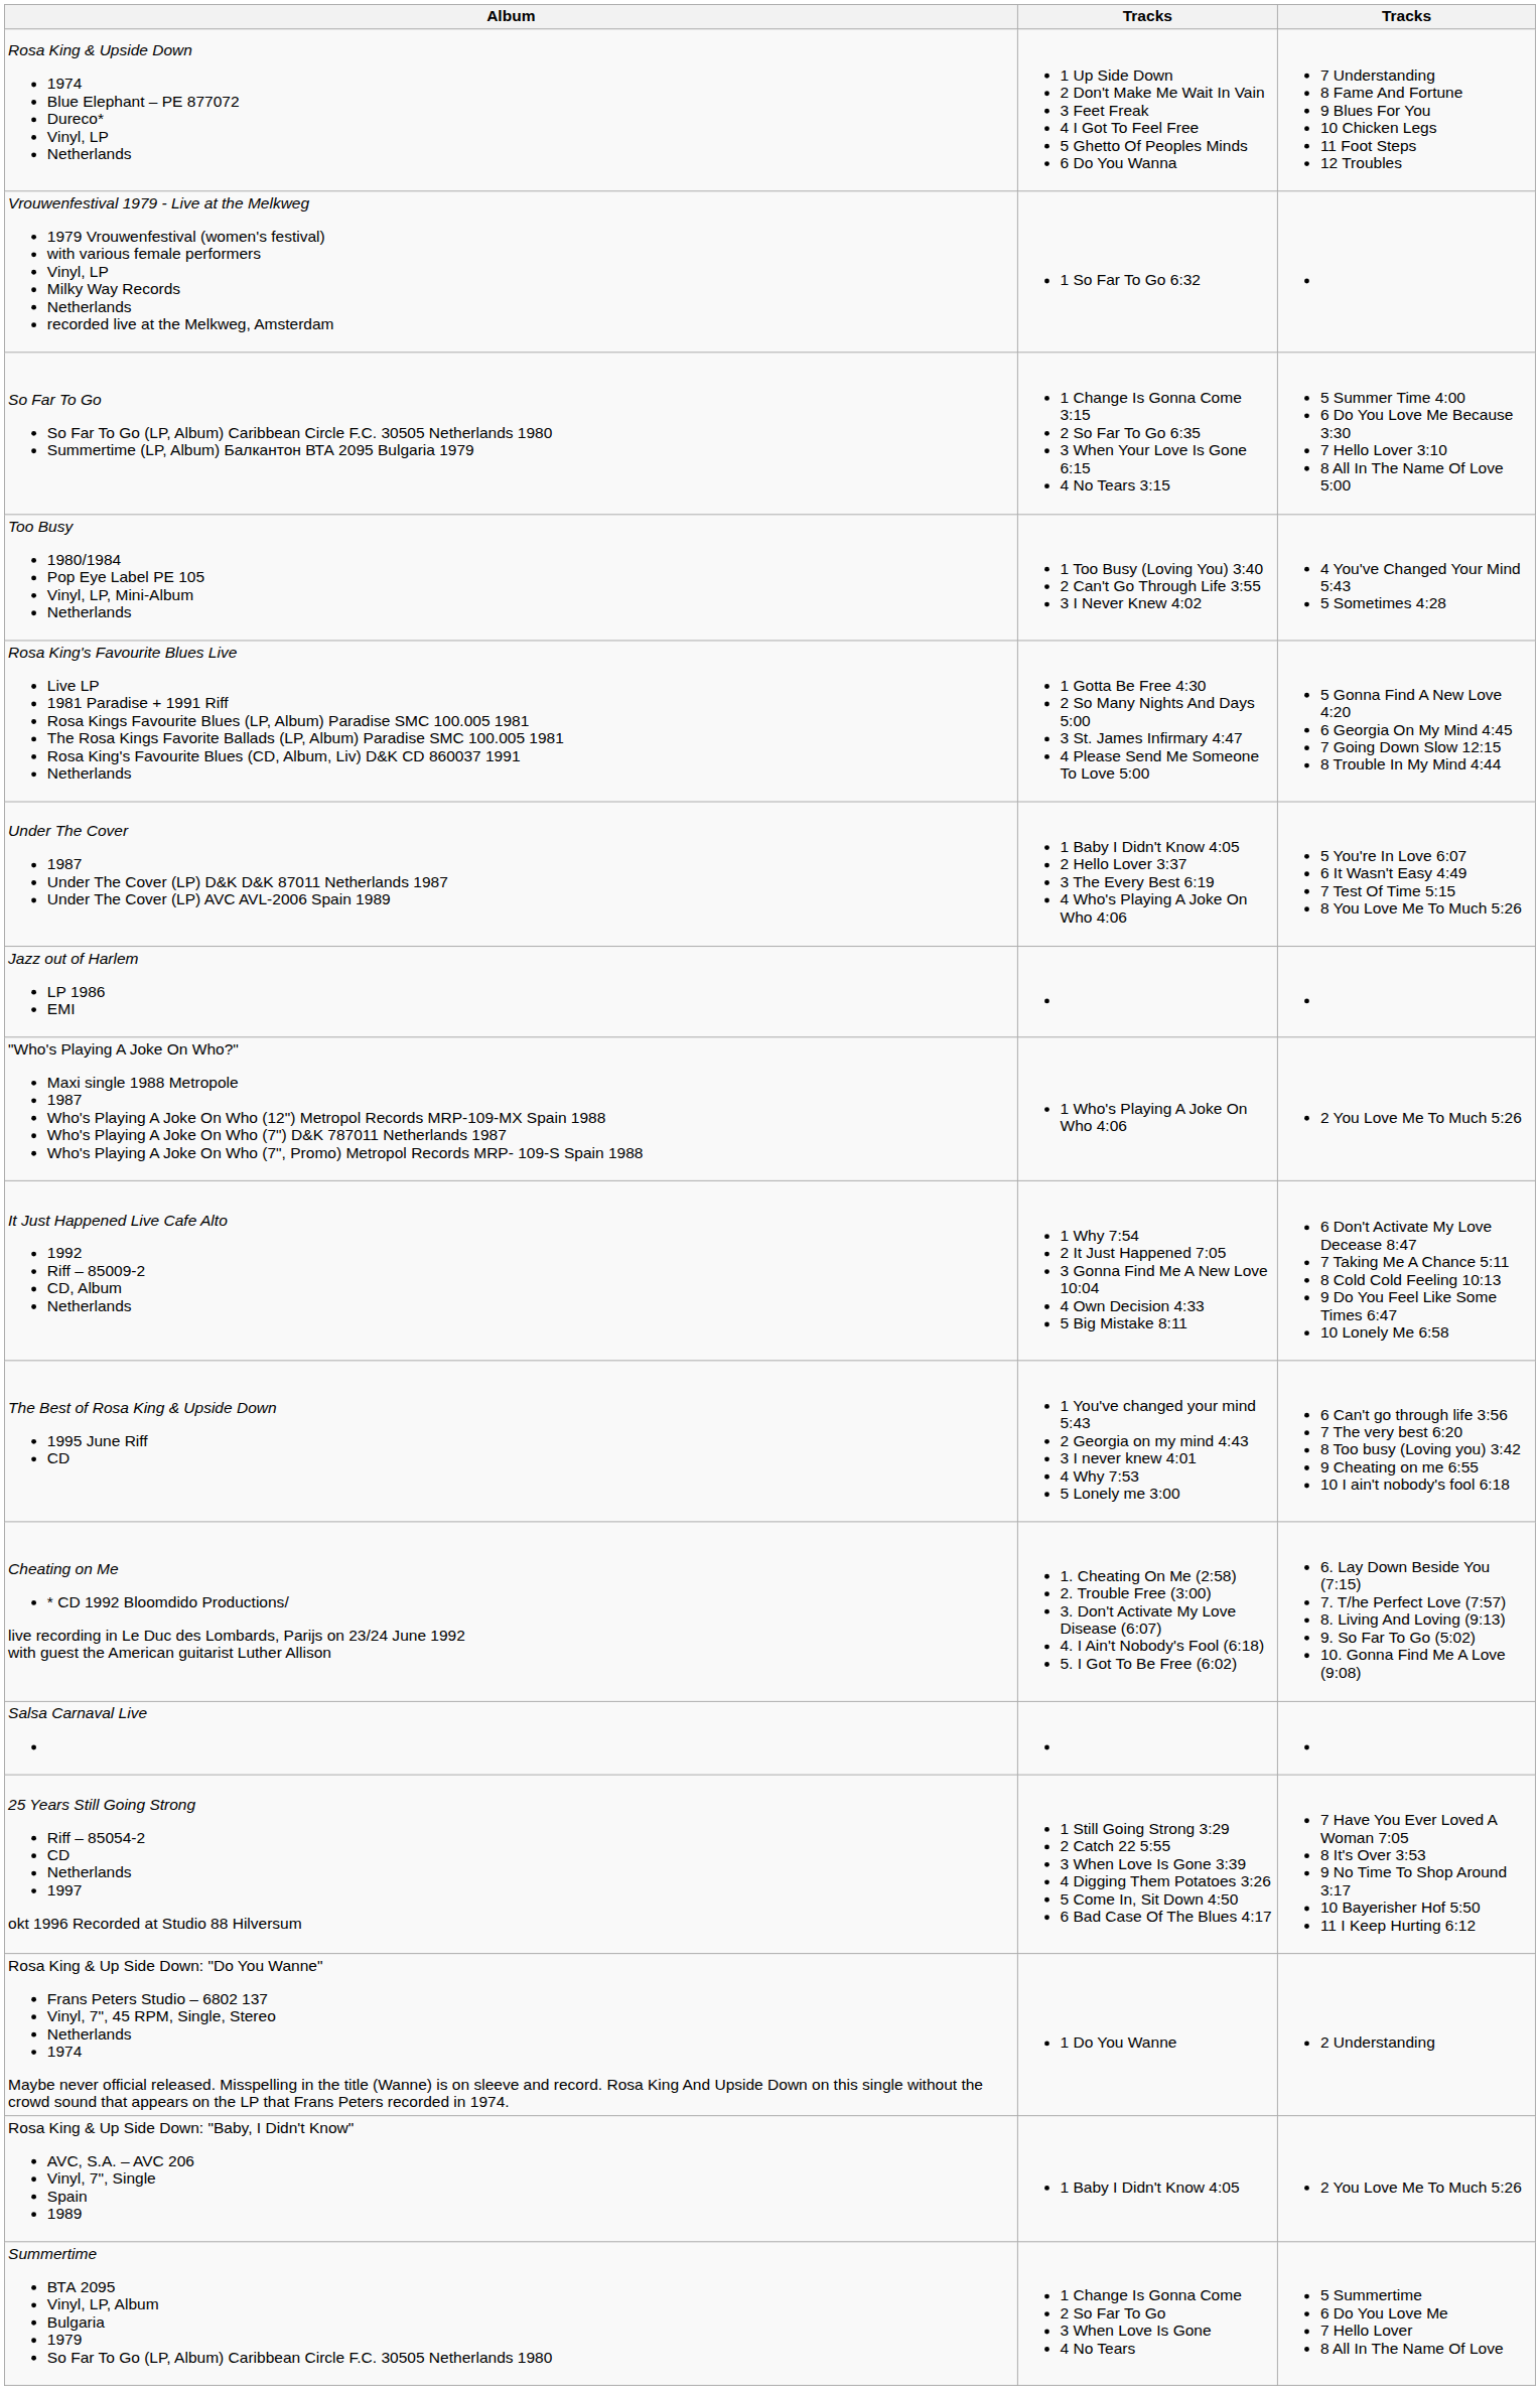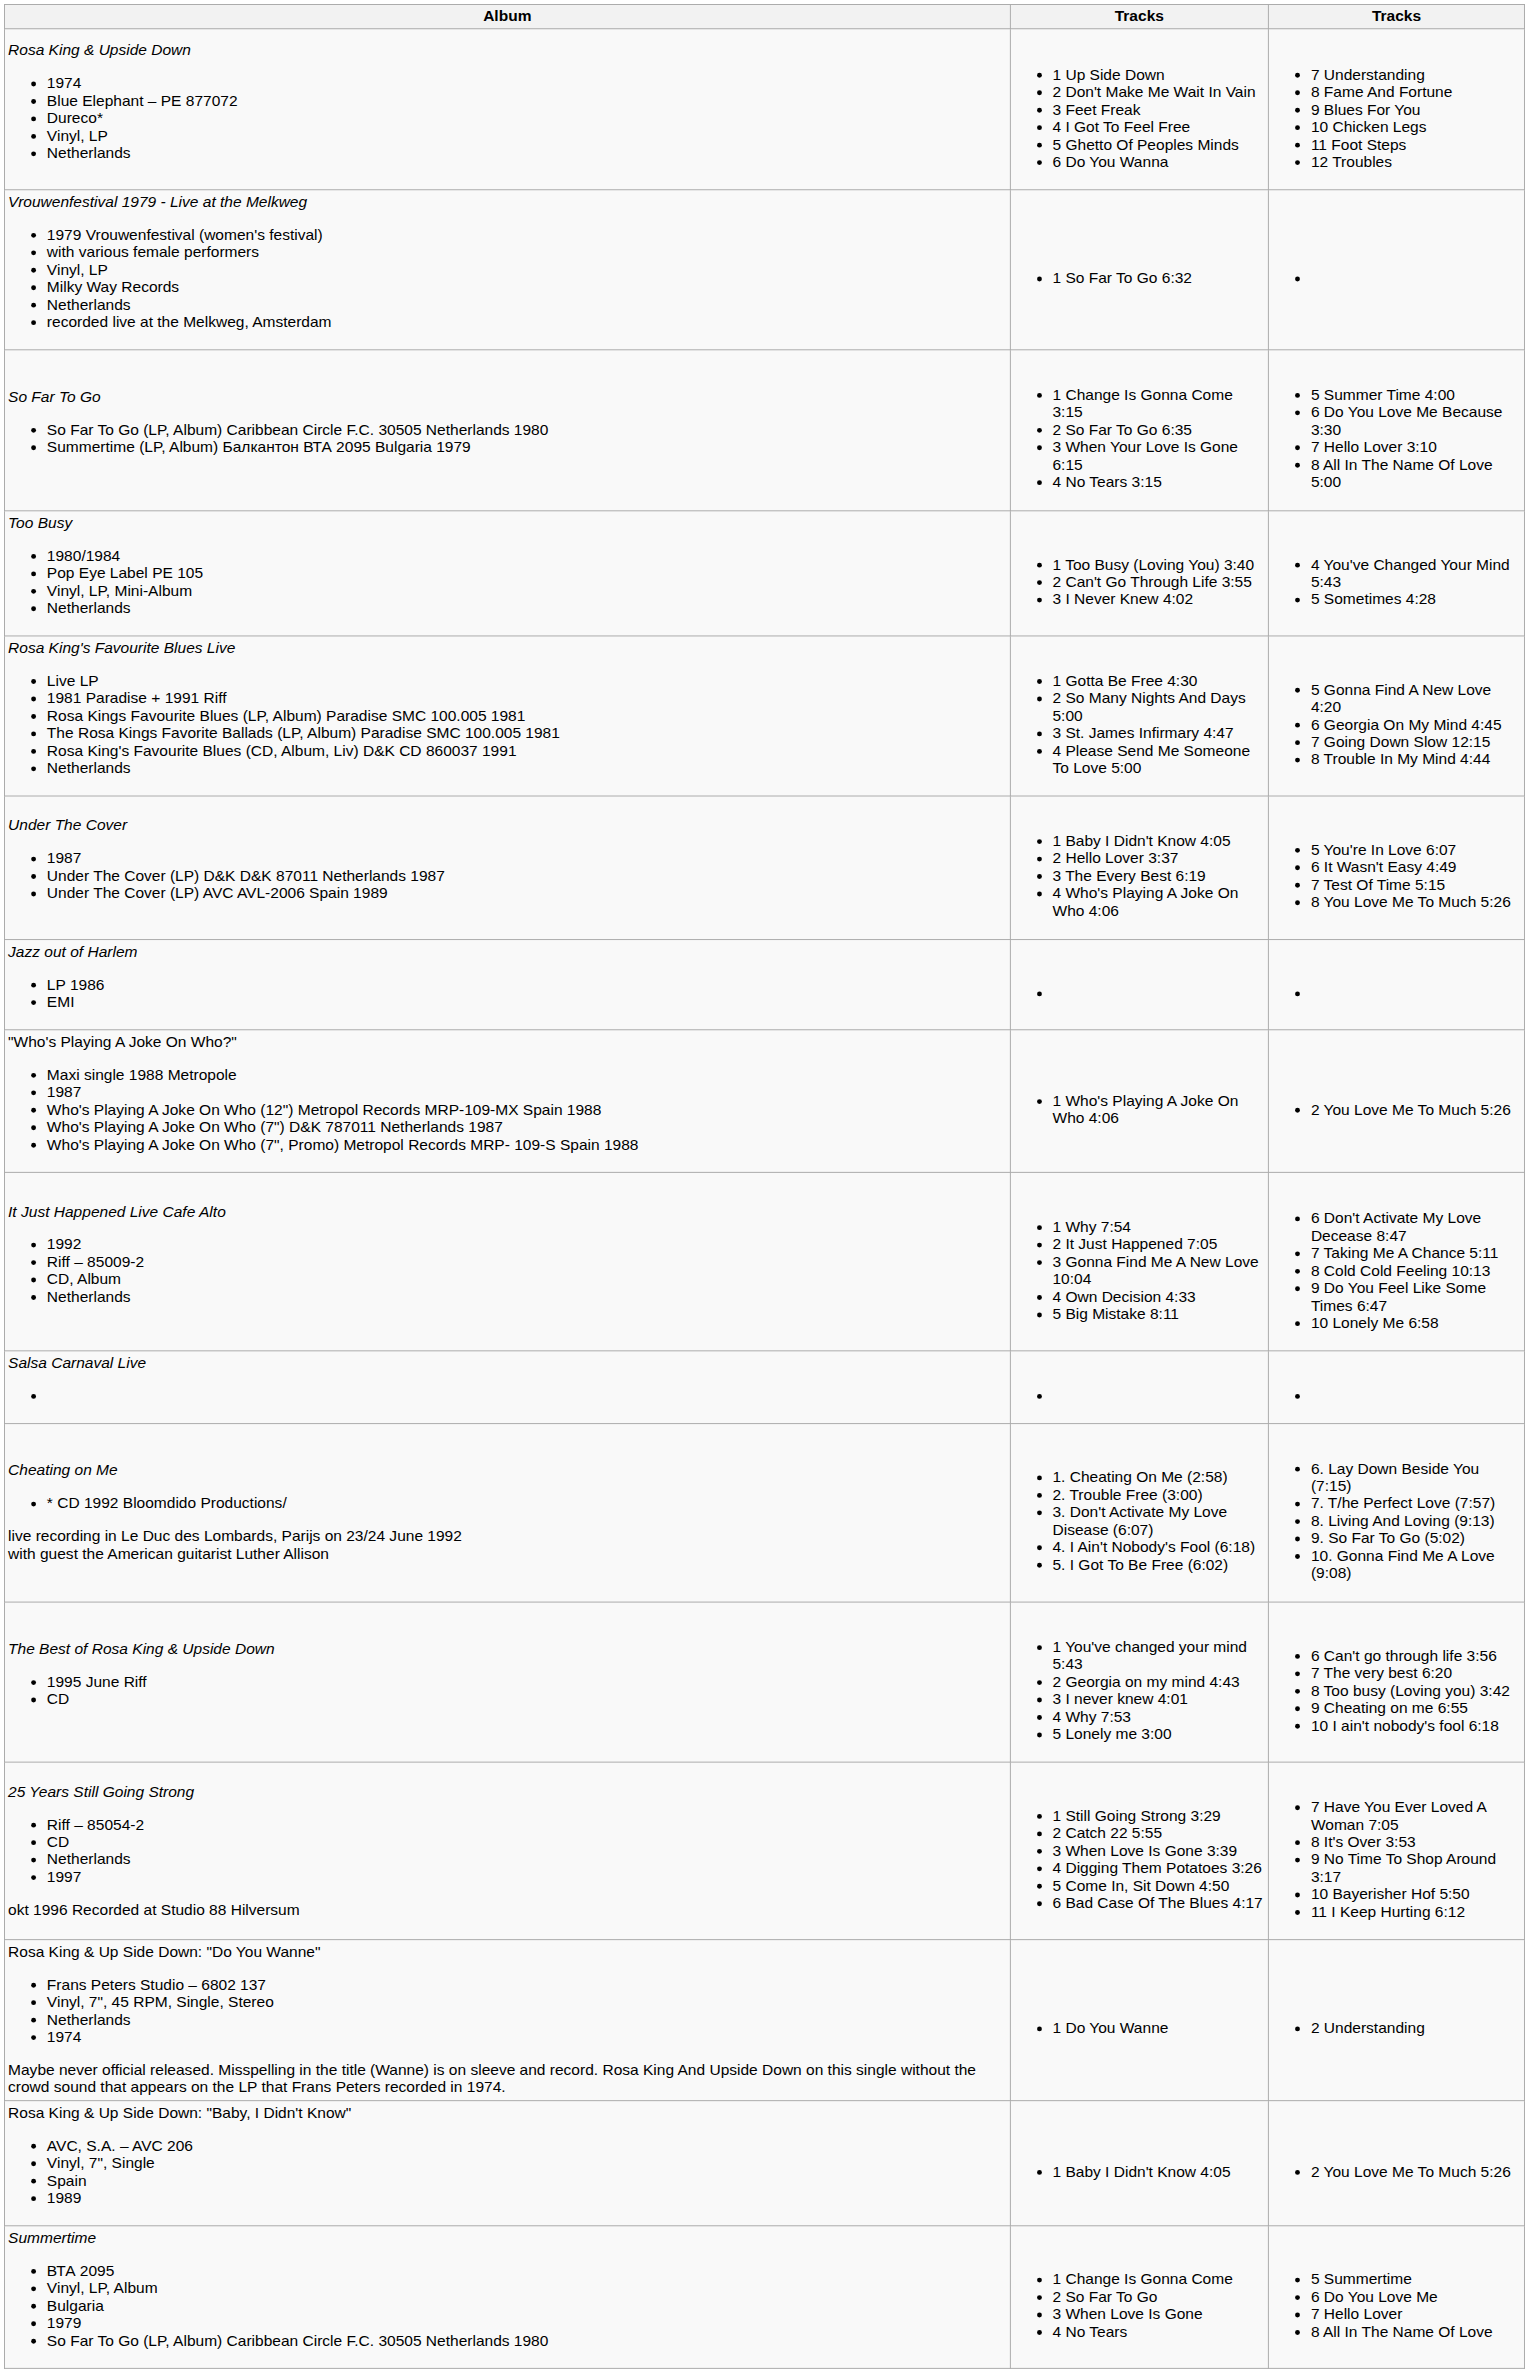 <table class="wikitable">
 <tr>
 <th scope="col">Album</th>
 <th scope="col">Tracks</th>
 <th scope="col">Tracks</th>
 </tr>
 <tr>
 <td><em>Rosa King & Upside Down</em><br><ul><li>1974</li><li>Blue Elephant – PE 877072</li><li>Dureco*</li><li>Vinyl, LP</li><li>Netherlands</li></ul></td>
 <td><br><ul><li>1	Up Side Down</li><li>2	Don't Make Me Wait In Vain</li><li>3	Feet Freak</li><li>4	I Got To Feel Free</li><li>5	Ghetto Of Peoples Minds</li><li>6	Do You Wanna</li></ul></td>
 <td><br><ul><li>7	Understanding</li><li>8          Fame And Fortune</li><li>9	Blues For You</li><li>10	Chicken Legs</li><li>11	Foot Steps</li><li>12	Troubles</li></ul></td>
 </tr>
 <tr>
 <td><em>Vrouwenfestival 1979 - Live at the Melkweg</em><br><ul><li>1979 Vrouwenfestival (women's festival)</li><li>with various female performers</li><li>Vinyl, LP</li><li>Milky Way Records</li><li>Netherlands</li><li>recorded live at the Melkweg, Amsterdam</li></ul></td>
 <td><br><ul><li>1 So Far To Go	6:32</li></ul></td>
 <td><br><ul><li></li></ul></td>
 </tr>
 <tr>
 <td><em>So Far To Go</em><br><ul><li>So Far To Go (LP, Album)	Caribbean Circle	F.C. 30505	Netherlands	1980</li><li>Summertime (LP, Album)	Балкантон	ВТА 2095	Bulgaria	1979</li></ul></td>
 <td><br><ul><li>1 Change Is Gonna Come	3:15</li><li>2 So Far To Go	6:35</li><li>3 When Your Love Is Gone	6:15</li><li>4 No Tears	3:15</li></ul></td>
 <td><br><ul><li>5 Summer Time	4:00</li><li>6 Do You Love Me Because	3:30</li><li>7 Hello Lover	3:10</li><li>8 All In The Name Of Love	5:00</li></ul></td>
 </tr>
 <tr>
 <td><em>Too Busy</em><br><ul><li>1980/1984</li><li>Pop Eye Label PE 105</li><li>Vinyl, LP, Mini-Album</li><li>Netherlands</li></ul></td>
 <td><br><ul><li>1	Too Busy (Loving You)	3:40</li><li>2	Can't Go Through Life	3:55</li><li>3	I Never Knew	4:02</li></ul></td>
 <td><br><ul><li>4	You've Changed Your Mind	5:43</li><li>5	Sometimes	4:28</li></ul></td>
 </tr>
 <tr>
 <td><em>Rosa King's Favourite Blues Live</em><br><ul><li>Live LP</li><li>1981 Paradise + 1991 Riff</li><li>Rosa Kings Favourite Blues (LP, Album)	Paradise 	SMC 100.005 1981</li><li>The Rosa Kings Favorite Ballads (LP, Album)	Paradise 	SMC 100.005 1981</li><li>Rosa King's Favourite Blues (CD, Album, Liv)	D&K	CD 860037 1991</li><li>Netherlands</li></ul></td>
 <td><br><ul><li>1 Gotta Be Free	4:30</li><li>2 So Many Nights And Days	5:00</li><li>3 St. James Infirmary	4:47</li><li>4 Please Send Me Someone To Love	5:00</li></ul></td>
 <td><br><ul><li>5 Gonna Find A New Love	4:20</li><li>6 Georgia On My Mind	4:45</li><li>7 Going Down Slow	12:15</li><li>8 Trouble In My Mind	4:44</li></ul></td>
 </tr>
 <tr>
 <td><em>Under The Cover</em><br><ul><li>1987</li><li>Under The Cover (LP)	D&K	D&K 87011	Netherlands	1987</li><li>Under The Cover (LP)	AVC	AVL-2006	Spain	1989</li></ul></td>
 <td><br><ul><li>1 Baby I Didn't Know	4:05</li><li>2 Hello Lover	3:37</li><li>3 The Every Best	6:19</li><li>4 Who's Playing A Joke On Who	4:06</li></ul></td>
 <td><br><ul><li>5 You're In Love	6:07</li><li>6 It Wasn't Easy	4:49</li><li>7 Test Of Time	5:15</li><li>8 You Love Me To Much	5:26</li></ul></td>
 </tr>
 <tr>
 <td><em>Jazz out of Harlem</em><br><ul><li>LP 1986</li><li>EMI</li></ul></td>
 <td><br><ul><li></li></ul></td>
 <td><br><ul><li></li></ul></td>
 </tr>
 <tr>
 <td>"Who's Playing A Joke On Who?"<br><ul><li>Maxi single     1988 Metropole</li><li>1987</li><li>Who's Playing A Joke On Who (12")	Metropol Records	MRP-109-MX	Spain	1988</li><li>Who's Playing A Joke On Who (7")	D&K	787011	Netherlands	1987</li><li>Who's Playing A Joke On Who (7", Promo)	Metropol Records	MRP- 109-S	Spain	1988</li></ul></td>
 <td><br><ul><li>1 Who's Playing A Joke On Who	4:06</li></ul></td>
 <td><br><ul><li>2 You Love Me To Much	5:26</li></ul></td>
 </tr>
 <tr>
 <td><em>It Just Happened Live Cafe Alto</em><br><ul><li>1992</li><li>Riff – 85009-2</li><li>CD, Album</li><li>Netherlands</li></ul></td>
 <td><br><ul><li>1	Why	7:54</li><li>2	It Just Happened	7:05</li><li>3	Gonna Find Me A New Love	10:04</li><li>4	Own Decision	4:33</li><li>5	Big Mistake	8:11</li></ul></td>
 <td><br><ul><li>6	Don't Activate My Love Decease	8:47</li><li>7	Taking Me A Chance	5:11</li><li>8	Cold Cold Feeling	10:13</li><li>9	Do You Feel Like Some Times	6:47</li><li>10	Lonely Me	6:58</li></ul></td>
 </tr>
 <tr>
-<td><em>The Best of Rosa King & Upside Down</em><br><ul><li>1995 June Riff</li><li>CD</li></ul></td>
-<td><br><ul><li>1 You've changed your mind 5:43</li><li>2 Georgia on my mind 4:43</li><li>3 I never knew 4:01</li><li>4 Why 7:53</li><li>5 Lonely me 3:00</li></ul></td>
-<td><br><ul><li>6 Can't go through life 3:56</li><li>7 The very best 6:20</li><li>8 Too busy (Loving you) 3:42</li><li>9 Cheating on me 6:55</li><li>10 I ain't nobody's fool 6:18</li></ul></td>
+<td><em>Salsa Carnaval Live</em><br><ul><li></li></ul></td>
+<td><br><ul><li></li></ul></td>
+<td><br><ul><li></li></ul></td>
 </tr>
 <tr>
 <td><em>Cheating on Me</em><br><ul><li>* CD        1992 Bloomdido Productions/</li></ul>live recording in Le Duc des Lombards, Parijs on 23/24 June 1992<br>with guest the American guitarist Luther Allison</td>
 <td><br><ul><li>1. Cheating On Me (2:58)</li><li>2. Trouble Free (3:00)</li><li>3. Don't Activate My Love Disease (6:07)</li><li>4. I Ain't Nobody's Fool (6:18)</li><li>5. I Got To Be Free (6:02)</li></ul></td>
 <td><br><ul><li>6. Lay Down Beside You (7:15)</li><li>7. T/he Perfect Love (7:57)</li><li>8. Living And Loving (9:13)</li><li>9. So Far To Go (5:02)</li><li>10. Gonna Find Me A Love (9:08)</li></ul></td>
 </tr>
 <tr>
-<td><em>Salsa Carnaval Live</em><br><ul><li></li></ul></td>
-<td><br><ul><li></li></ul></td>
-<td><br><ul><li></li></ul></td>
+<td><em>The Best of Rosa King & Upside Down</em><br><ul><li>1995 June Riff</li><li>CD</li></ul></td>
+<td><br><ul><li>1 You've changed your mind 5:43</li><li>2 Georgia on my mind 4:43</li><li>3 I never knew 4:01</li><li>4 Why 7:53</li><li>5 Lonely me 3:00</li></ul></td>
+<td><br><ul><li>6 Can't go through life 3:56</li><li>7 The very best 6:20</li><li>8 Too busy (Loving you) 3:42</li><li>9 Cheating on me 6:55</li><li>10 I ain't nobody's fool 6:18</li></ul></td>
 </tr>
 <tr>
 <td><em>25 Years Still Going Strong</em><br><ul><li>Riff – 85054-2</li><li>CD</li><li>Netherlands</li><li>1997</li></ul>okt 1996 Recorded at Studio 88 Hilversum</td>
 <td><br><ul><li>1	Still Going Strong	3:29</li><li>2	Catch 22	5:55</li><li>3	When Love Is Gone	3:39</li><li>4	Digging Them Potatoes	3:26</li><li>5	Come In, Sit Down	4:50</li><li>6	Bad Case Of The Blues	4:17</li></ul></td>
 <td><br><ul><li>7	Have You Ever Loved A Woman	7:05</li><li>8	It's Over	3:53</li><li>9	No Time To Shop Around	3:17</li><li>10	Bayerisher Hof	5:50</li><li>11	I Keep Hurting	6:12</li></ul></td>
 </tr>
 <tr>
 <td>Rosa King & Up Side Down: "Do You Wanne"<br><ul><li>Frans Peters Studio – 6802 137</li><li>Vinyl, 7", 45 RPM, Single, Stereo</li><li>Netherlands</li><li>1974</li></ul>Maybe never official released. Misspelling in the title (Wanne) is on sleeve and record. Rosa King And Upside Down on this single without the crowd sound that appears on the LP that Frans Peters recorded in 1974.</td>
 <td><br><ul><li>1	Do You Wanne</li></ul></td>
 <td><br><ul><li>2	Understanding</li></ul></td>
 </tr>
 <tr>
 <td>Rosa King & Up Side Down: "Baby, I Didn't Know"<br><ul><li>AVC, S.A. – AVC 206</li><li>Vinyl, 7", Single</li><li>Spain</li><li>1989</li></ul></td>
 <td><br><ul><li>1	Baby I Didn't Know 4:05</li></ul></td>
 <td><br><ul><li>2	You Love Me To Much 5:26</li></ul></td>
 </tr>
 <tr>
 <td><em>Summertime</em><br><ul><li>ВТА 2095</li><li>Vinyl, LP, Album</li><li>Bulgaria</li><li>1979</li><li>So Far To Go (LP, Album)	Caribbean Circle	F.C. 30505	Netherlands	1980</li></ul></td>
 <td><br><ul><li>1	Change Is Gonna Come</li><li>2	So Far To Go</li><li>3	When Love Is Gone</li><li>4	No Tears</li></ul></td>
 <td><br><ul><li>5	Summertime</li><li>6	Do You Love Me</li><li>7	Hello Lover</li><li>8	All In The Name Of Love</li></ul></td>
 </tr>
 </table>
